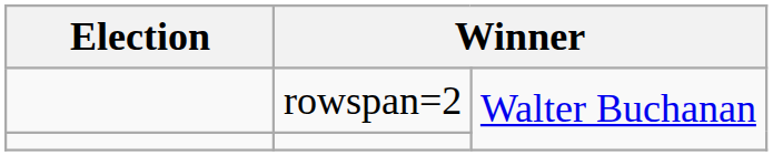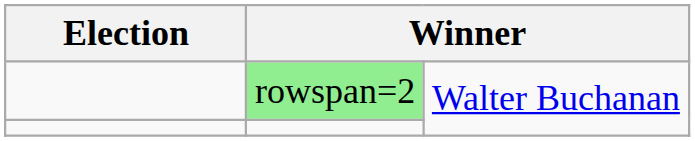 <table class=wikitable>
 <tr>
 <th width=100>Election</th>
 <th width=175 colspan=2>Winner</th>
 </tr>
 <tr>
 <td></td>
-<td>rowspan=2 </td>
+<td style="background: lightgreen;">rowspan=2 </td>
 <td rowspan=2><a href='#'>Walter Buchanan</a></td>
 </tr>
 <tr>
 <td></td>
 </tr>
 </table>
